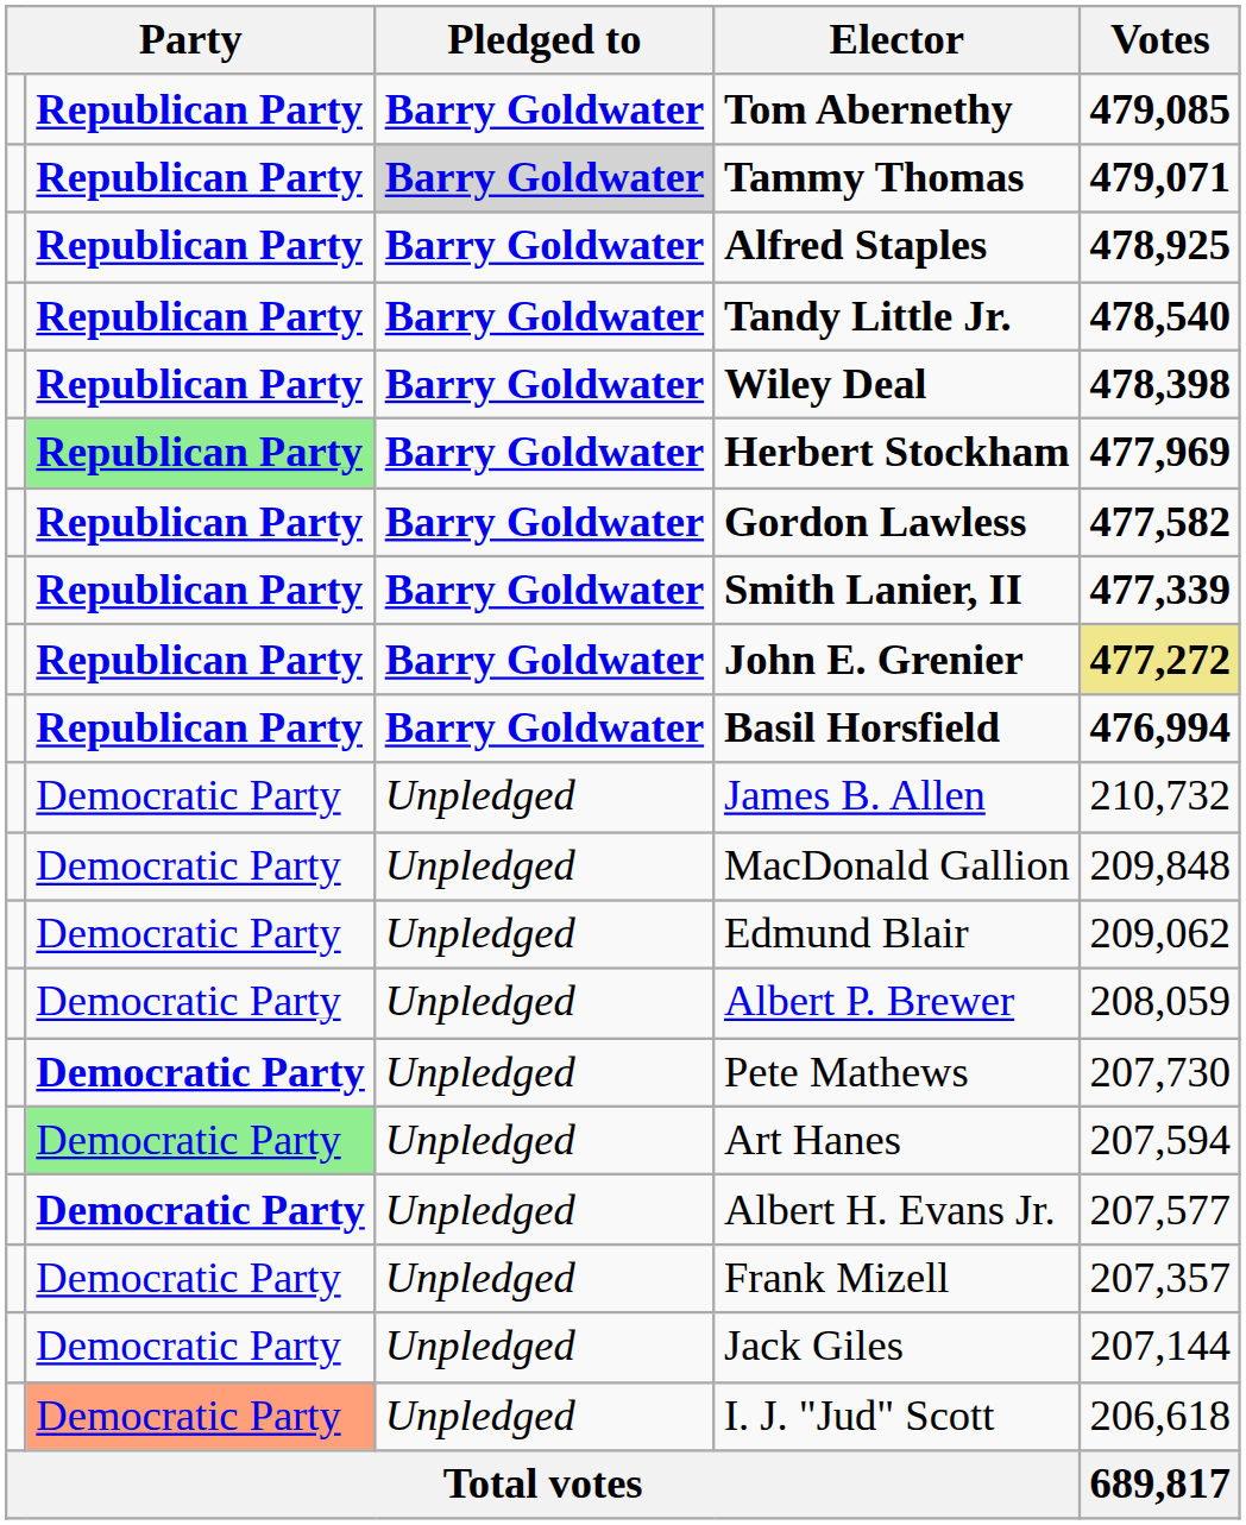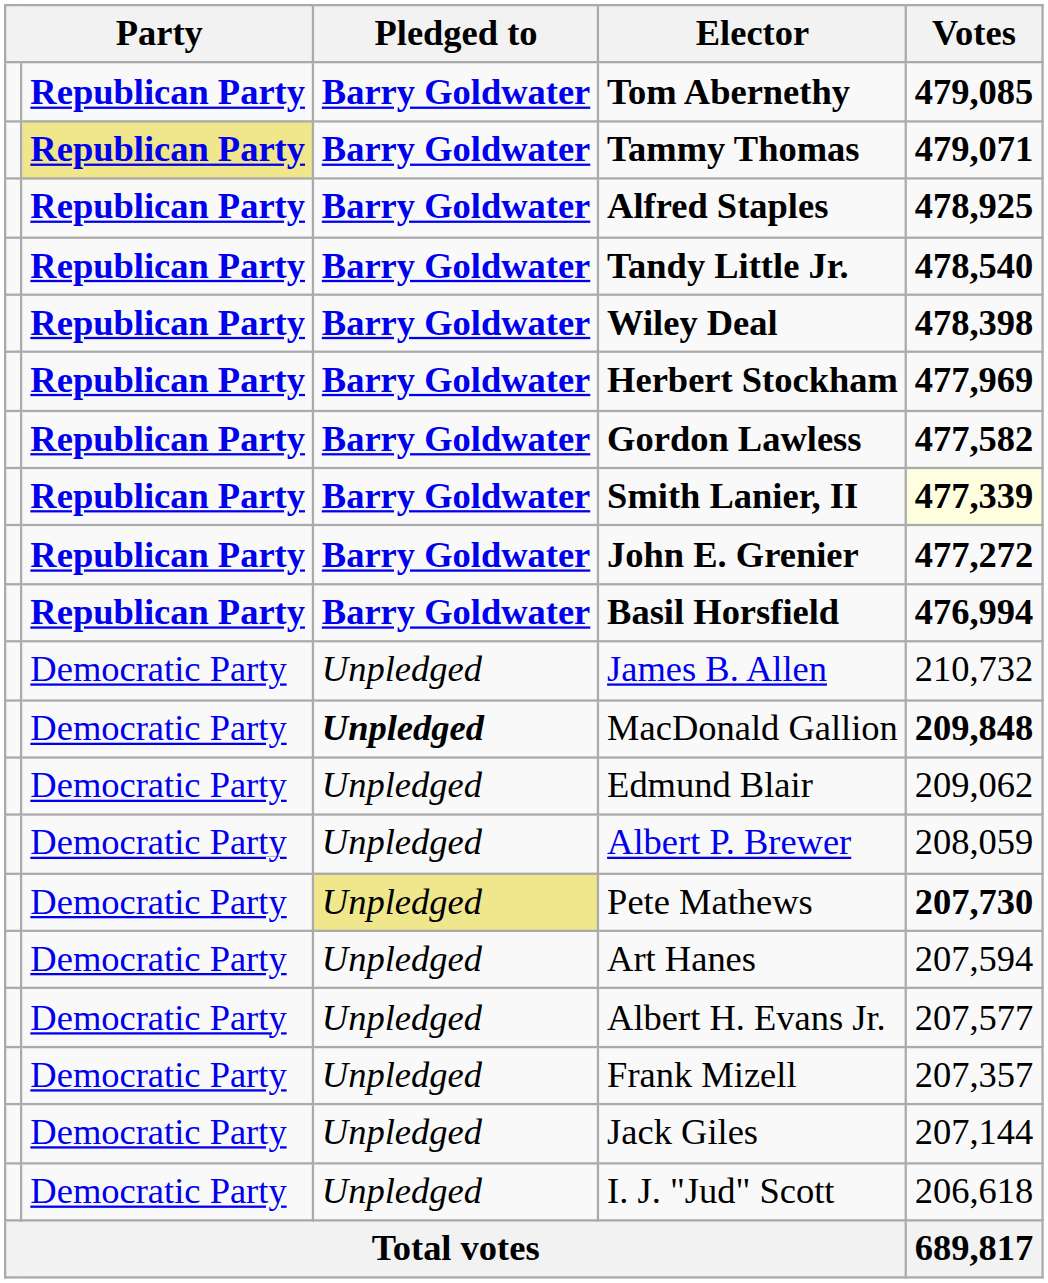 <table class="wikitable">
 <tr>
 <th colspan=2>Party</th>
 <th>Pledged to</th>
 <th>Elector</th>
 <th>Votes</th>
 </tr>
 <tr style="font-weight:bold">
 <td bgcolor=></td>
 <td><a href='#'>Republican Party</a></td>
 <td><a href='#'>Barry Goldwater</a></td>
 <td>Tom Abernethy</td>
 <td align=right>479,085</td>
 </tr>
 <tr style="font-weight:bold">
 <td bgcolor=></td>
-<td><a href='#'>Republican Party</a></td>
-<td style="background: lightgrey;"><a href='#'>Barry Goldwater</a></td>
+<td style="background: khaki;"><a href='#'>Republican Party</a></td>
+<td><a href='#'>Barry Goldwater</a></td>
 <td>Tammy Thomas</td>
 <td align=right>479,071</td>
 </tr>
 <tr style="font-weight:bold">
 <td bgcolor=></td>
 <td><a href='#'>Republican Party</a></td>
 <td><a href='#'>Barry Goldwater</a></td>
 <td>Alfred Staples</td>
 <td align=right>478,925</td>
 </tr>
 <tr style="font-weight:bold">
 <td bgcolor=></td>
 <td><a href='#'>Republican Party</a></td>
 <td><a href='#'>Barry Goldwater</a></td>
 <td>Tandy Little Jr.</td>
 <td align=right>478,540</td>
 </tr>
 <tr style="font-weight:bold">
 <td bgcolor=></td>
 <td><a href='#'>Republican Party</a></td>
 <td><a href='#'>Barry Goldwater</a></td>
 <td>Wiley Deal</td>
 <td align=right>478,398</td>
 </tr>
 <tr style="font-weight:bold">
 <td bgcolor=></td>
-<td style="background: lightgreen;"><a href='#'>Republican Party</a></td>
+<td><a href='#'>Republican Party</a></td>
 <td><a href='#'>Barry Goldwater</a></td>
 <td>Herbert Stockham</td>
 <td align=right>477,969</td>
 </tr>
 <tr style="font-weight:bold">
 <td bgcolor=></td>
 <td><a href='#'>Republican Party</a></td>
 <td><a href='#'>Barry Goldwater</a></td>
 <td>Gordon Lawless</td>
 <td align=right>477,582</td>
 </tr>
 <tr style="font-weight:bold">
 <td bgcolor=></td>
 <td><a href='#'>Republican Party</a></td>
 <td><a href='#'>Barry Goldwater</a></td>
 <td>Smith Lanier, II</td>
-<td align=right>477,339</td>
+<td align=right style="background: lightyellow;">477,339</td>
 </tr>
 <tr style="font-weight:bold">
 <td bgcolor=></td>
 <td><a href='#'>Republican Party</a></td>
 <td><a href='#'>Barry Goldwater</a></td>
 <td>John E. Grenier</td>
-<td align=right style="background: khaki;">477,272</td>
+<td align=right>477,272</td>
 </tr>
 <tr style="font-weight:bold">
 <td bgcolor=></td>
 <td><a href='#'>Republican Party</a></td>
 <td><a href='#'>Barry Goldwater</a></td>
 <td>Basil Horsfield</td>
 <td align=right>476,994</td>
 </tr>
 <tr>
 <td bgcolor=></td>
 <td><a href='#'>Democratic Party</a></td>
 <td><em>Unpledged</em></td>
 <td><a href='#'>James B. Allen</a></td>
 <td align=right>210,732</td>
 </tr>
 <tr>
 <td bgcolor=></td>
 <td><a href='#'>Democratic Party</a></td>
-<td><em>Unpledged</em></td>
+<td><strong><em>Unpledged</em></strong></td>
 <td>MacDonald Gallion</td>
-<td align=right>209,848</td>
+<td align=right><strong>209,848</strong></td>
 </tr>
 <tr>
 <td bgcolor=></td>
 <td><a href='#'>Democratic Party</a></td>
 <td><em>Unpledged</em></td>
 <td>Edmund Blair</td>
 <td align=right>209,062</td>
 </tr>
 <tr>
 <td bgcolor=></td>
 <td><a href='#'>Democratic Party</a></td>
 <td><em>Unpledged</em></td>
 <td><a href='#'>Albert P. Brewer</a></td>
 <td align=right>208,059</td>
 </tr>
 <tr>
 <td bgcolor=></td>
-<td><strong><a href='#'>Democratic Party</a></strong></td>
-<td><em>Unpledged</em></td>
+<td><a href='#'>Democratic Party</a></td>
+<td style="background: khaki;"><em>Unpledged</em></td>
 <td>Pete Mathews</td>
-<td align=right>207,730</td>
+<td align=right><strong>207,730</strong></td>
 </tr>
 <tr>
 <td bgcolor=></td>
-<td style="background: lightgreen;"><a href='#'>Democratic Party</a></td>
+<td><a href='#'>Democratic Party</a></td>
 <td><em>Unpledged</em></td>
 <td>Art Hanes</td>
 <td align=right>207,594</td>
 </tr>
 <tr>
 <td bgcolor=></td>
-<td><strong><a href='#'>Democratic Party</a></strong></td>
+<td><a href='#'>Democratic Party</a></td>
 <td><em>Unpledged</em></td>
 <td>Albert H. Evans Jr.</td>
 <td align=right>207,577</td>
 </tr>
 <tr>
 <td bgcolor=></td>
 <td><a href='#'>Democratic Party</a></td>
 <td><em>Unpledged</em></td>
 <td>Frank Mizell</td>
 <td align=right>207,357</td>
 </tr>
 <tr>
 <td bgcolor=></td>
 <td><a href='#'>Democratic Party</a></td>
 <td><em>Unpledged</em></td>
 <td>Jack Giles</td>
 <td align=right>207,144</td>
 </tr>
 <tr>
 <td bgcolor=></td>
-<td style="background: lightsalmon;"><a href='#'>Democratic Party</a></td>
+<td><a href='#'>Democratic Party</a></td>
 <td><em>Unpledged</em></td>
 <td>I. J. "Jud" Scott</td>
 <td align=right>206,618</td>
 </tr>
 <tr>
 <th colspan=4>Total votes</th>
 <th>689,817</th>
 </tr>
 </table>
